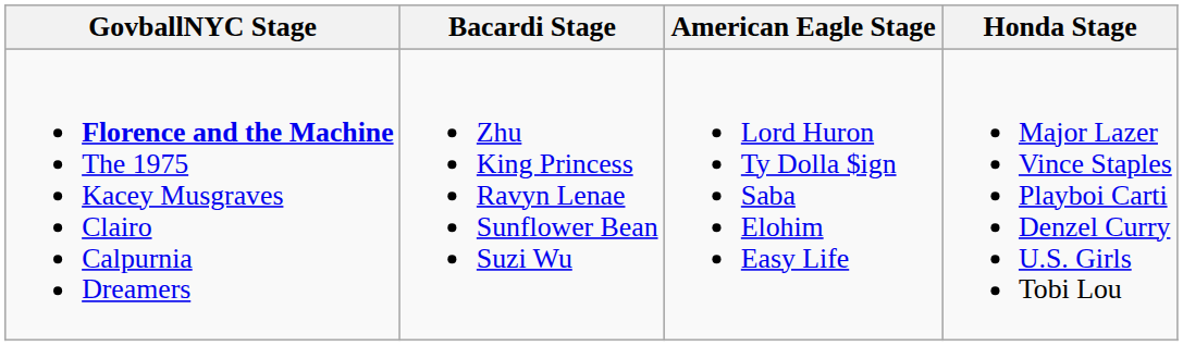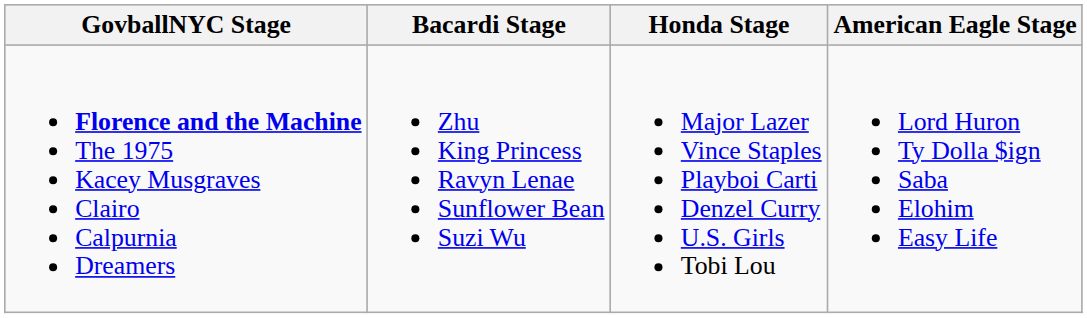 <table class="wikitable">
 <tr>
 <th>GovballNYC Stage</th>
 <th>Bacardi Stage</th>
+<th>Honda Stage</th>
 <th>American Eagle Stage</th>
-<th>Honda Stage</th>
 </tr>
 <tr valign="top">
 <td><br><ul><li><strong><a href='#'>Florence and the Machine</a></strong></li><li><a href='#'>The 1975</a></li><li><a href='#'>Kacey Musgraves</a></li><li><a href='#'>Clairo</a></li><li><a href='#'>Calpurnia</a></li><li><a href='#'>Dreamers</a></li></ul></td>
 <td><br><ul><li><a href='#'>Zhu</a></li><li><a href='#'>King Princess</a></li><li><a href='#'>Ravyn Lenae</a></li><li><a href='#'>Sunflower Bean</a></li><li><a href='#'>Suzi Wu</a></li></ul></td>
+<td><br><ul><li><a href='#'>Major Lazer</a></li><li><a href='#'>Vince Staples</a></li><li><a href='#'>Playboi Carti</a></li><li><a href='#'>Denzel Curry</a></li><li><a href='#'>U.S. Girls</a></li><li>Tobi Lou</li></ul></td>
 <td><br><ul><li><a href='#'>Lord Huron</a></li><li><a href='#'>Ty Dolla $ign</a></li><li><a href='#'>Saba</a></li><li><a href='#'>Elohim</a></li><li><a href='#'>Easy Life</a></li></ul></td>
-<td><br><ul><li><a href='#'>Major Lazer</a></li><li><a href='#'>Vince Staples</a></li><li><a href='#'>Playboi Carti</a></li><li><a href='#'>Denzel Curry</a></li><li><a href='#'>U.S. Girls</a></li><li>Tobi Lou</li></ul></td>
 </tr>
 </table>
